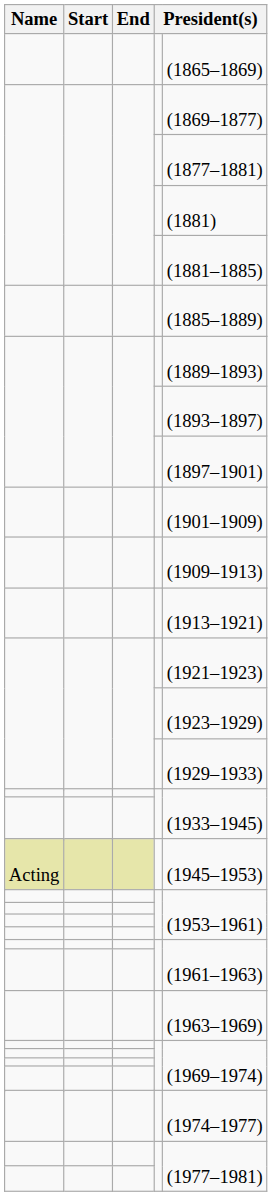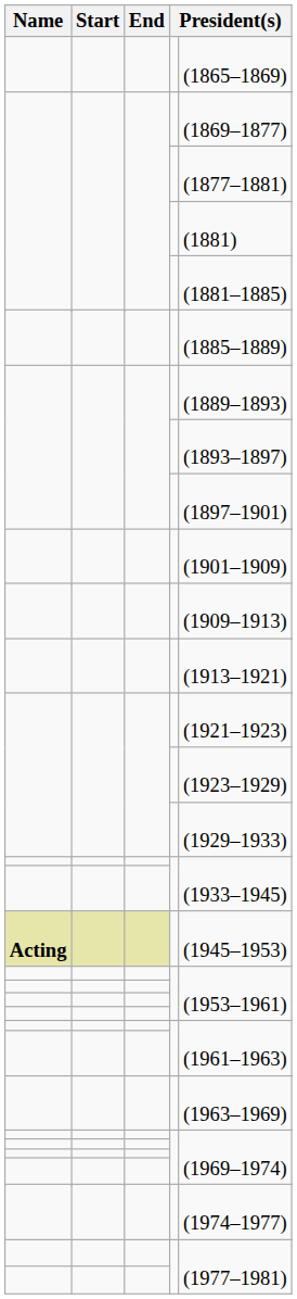 <table class="wikitable sortable">
 <tr>
 <th>Name</th>
 <th>Start</th>
 <th>End</th>
 <th colspan=2>President(s)</th>
 </tr>
 <tr>
 <td rowspan=2></td>
 <td rowspan=2></td>
 <td rowspan=2></td>
 <td style="background-color:"></td>
 <td><br>(1865–1869)</td>
 </tr>
 <tr>
 <td rowspan=2 style="background-color:"></td>
 <td rowspan=2><br>(1869–1877)</td>
 </tr>
 <tr>
 <td rowspan=5></td>
 <td rowspan=5></td>
 <td rowspan=5></td>
 </tr>
 <tr>
 <td style="background-color:"></td>
 <td><br>(1877–1881)</td>
 </tr>
 <tr>
 <td style="background-color:"></td>
 <td><br>(1881)</td>
 </tr>
 <tr>
 <td style="background-color:"></td>
 <td><br>(1881–1885)</td>
 </tr>
 <tr>
 <td rowspan=2 style="background-color:"></td>
 <td rowspan=2><br>(1885–1889)</td>
 </tr>
 <tr>
 <td rowspan=2></td>
 <td rowspan=2></td>
 <td rowspan=2></td>
 </tr>
 <tr>
 <td rowspan=2 style="background-color:"></td>
 <td rowspan=2><br>(1889–1893)</td>
 </tr>
 <tr>
 <td rowspan=4></td>
 <td rowspan=4></td>
 <td rowspan=4></td>
 </tr>
 <tr>
 <td style="background-color:"></td>
 <td><br>(1893–1897)</td>
 </tr>
 <tr>
 <td style="background-color:"></td>
 <td><br>(1897–1901)</td>
 </tr>
 <tr>
 <td rowspan=2 style="background-color:"></td>
 <td rowspan=2><br>(1901–1909)</td>
 </tr>
 <tr>
 <td rowspan=2></td>
 <td rowspan=2></td>
 <td rowspan=2></td>
 </tr>
 <tr>
 <td rowspan=2 style="background-color:"></td>
 <td rowspan=2><br>(1909–1913)</td>
 </tr>
 <tr>
 <td rowspan=2></td>
 <td rowspan=2></td>
 <td rowspan=2></td>
 </tr>
 <tr>
 <td rowspan=2 style="background-color:"></td>
 <td rowspan=2><br>(1913–1921)</td>
 </tr>
 <tr>
 <td rowspan=2></td>
 <td rowspan=2></td>
 <td rowspan=2></td>
 </tr>
 <tr>
 <td rowspan=2 style="background-color:"></td>
 <td rowspan=2><br>(1921–1923)</td>
 </tr>
 <tr>
 <td rowspan=4></td>
 <td rowspan=4></td>
 <td rowspan=4></td>
 </tr>
 <tr>
 <td style="background-color:"></td>
 <td><br>(1923–1929)</td>
 </tr>
 <tr>
 <td style="background-color:"></td>
 <td><br>(1929–1933)</td>
 </tr>
 <tr>
 <td rowspan=3 style="background-color:"></td>
 <td rowspan=3><br>(1933–1945)</td>
 </tr>
 <tr>
 <td></td>
 <td></td>
 <td></td>
 </tr>
 <tr>
 <td rowspan=2></td>
 <td rowspan=2></td>
 <td rowspan=2></td>
 </tr>
 <tr>
 <td rowspan=3 style="background-color:"></td>
 <td rowspan=3><br>(1945–1953)</td>
 </tr>
 <tr bgcolor="#e6e6aa">
-<td><br>Acting</td>
+<td><strong><br>Acting</strong></td>
 <td></td>
 <td></td>
 </tr>
 <tr>
 <td rowspan=2></td>
 <td rowspan=2></td>
 <td rowspan=2></td>
 </tr>
 <tr>
 <td rowspan=4 style="background-color:"></td>
 <td rowspan=4><br>(1953–1961)</td>
 </tr>
 <tr>
 <td></td>
 <td></td>
 <td></td>
 </tr>
 <tr>
 <td></td>
 <td></td>
 <td></td>
 </tr>
 <tr>
 <td></td>
 <td></td>
 <td></td>
 </tr>
 <tr>
 <td></td>
 <td></td>
 <td></td>
 <td rowspan=2 style="background-color:"></td>
 <td rowspan=2><br>(1961–1963)</td>
 </tr>
 <tr>
 <td rowspan=2></td>
 <td rowspan=2></td>
 <td rowspan=2></td>
 </tr>
 <tr>
 <td rowspan=2 style="background-color:"></td>
 <td rowspan=2><br>(1963–1969)</td>
 </tr>
 <tr>
 <td></td>
 <td></td>
 <td></td>
 </tr>
 <tr>
 <td></td>
 <td></td>
 <td></td>
 <td rowspan=4 style="background-color:"></td>
 <td rowspan=4><br>(1969–1974)</td>
 </tr>
 <tr>
 <td></td>
 <td></td>
 <td></td>
 </tr>
 <tr>
 <td></td>
 <td></td>
 <td></td>
 </tr>
 <tr>
 <td rowspan=2></td>
 <td rowspan=2></td>
 <td rowspan=2></td>
 </tr>
 <tr>
 <td rowspan=2 style="background-color:"></td>
 <td rowspan=2><br>(1974–1977)</td>
 </tr>
 <tr>
 <td></td>
 <td></td>
 <td></td>
 </tr>
 <tr>
 <td></td>
 <td></td>
 <td></td>
 <td rowspan=2 style="background-color:"></td>
 <td rowspan=2><br>(1977–1981)</td>
 </tr>
 <tr>
 <td></td>
 <td></td>
 <td></td>
 </tr>
 </table>
